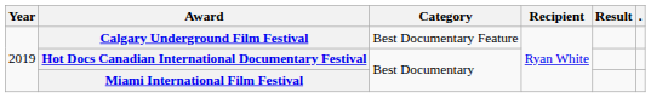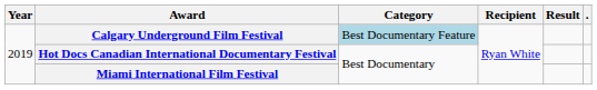 <table class="wikitable plainrowheaders">
 <tr>
 <th>Year</th>
 <th>Award</th>
 <th>Category</th>
 <th>Recipient</th>
 <th>Result</th>
 <th>.</th>
 </tr>
 <tr>
 <td rowspan="3">2019</td>
 <th scope="row" align="left"><a href='#'>Calgary Underground Film Festival</a></th>
-<td>Best Documentary Feature</td>
+<td style="background: lightblue;">Best Documentary Feature</td>
 <td rowspan="3"><a href='#'>Ryan White</a></td>
 <td></td>
 <td></td>
 </tr>
 <tr>
 <th scope="row" align="left"><a href='#'>Hot Docs Canadian International Documentary Festival</a></th>
 <td rowspan="2">Best Documentary</td>
 <td></td>
 <td></td>
 </tr>
 <tr>
 <th scope="row" align="left"><a href='#'>Miami International Film Festival</a></th>
 <td></td>
 <td></td>
 </tr>
 </table>
